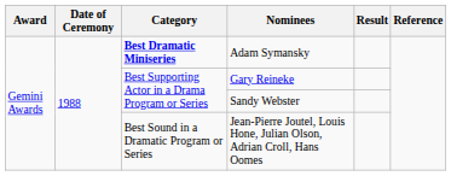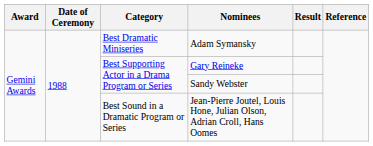 <table class="wikitable">
 <tr>
 <th>Award</th>
 <th>Date of Ceremony</th>
 <th>Category</th>
 <th>Nominees</th>
 <th>Result</th>
 <th>Reference</th>
 </tr>
 <tr>
 <td rowspan="4"><a href='#'>Gemini Awards</a></td>
 <td rowspan="4"><a href='#'>1988</a></td>
-<td><strong><a href='#'>Best Dramatic Miniseries</a></strong></td>
+<td><a href='#'>Best Dramatic Miniseries</a></td>
 <td>Adam Symansky</td>
 <td></td>
 <td rowspan=4></td>
 </tr>
 <tr>
 <td rowspan=2><a href='#'>Best Supporting Actor in a Drama Program or Series</a></td>
 <td><a href='#'>Gary Reineke</a></td>
 <td></td>
 </tr>
 <tr>
 <td>Sandy Webster</td>
 <td></td>
 </tr>
 <tr>
 <td>Best Sound in a Dramatic Program or Series</td>
 <td>Jean-Pierre Joutel, Louis Hone, Julian Olson, Adrian Croll, Hans Oomes</td>
 <td></td>
 </tr>
 </table>
